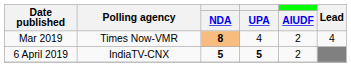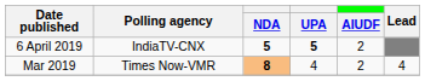 <table class="wikitable sortable" style="text-align:center;font-size:95%;line-height:16px">
 <tr>
 <th rowspan="2" width="100px">Date published</th>
 <th rowspan="2" width="175px">Polling agency</th>
 <th style="background:"></th>
 <th style="background:"></th>
 <th style="background:#00FF00"></th>
 <th rowspan="2">Lead</th>
 </tr>
 <tr>
 <th width="50px" class="unsortable"><a href='#'>NDA</a></th>
 <th width="50px" class="unsortable"><a href='#'>UPA</a></th>
 <th width="50px" class="unsortable"><a href='#'>AIUDF</a></th>
 </tr>
 <tr>
+<td>6 April 2019</td>
+<td>IndiaTV-CNX </td>
+<td><strong>5</strong></td>
+<td><strong>5</strong></td>
+<td>2</td>
+<td style="background:grey"><span></span></td>
+</tr>
+<tr>
 <td>Mar 2019</td>
 <td>Times Now-VMR</td>
 <td style="background:#F9BC7F"><strong>8</strong></td>
 <td>4</td>
 <td>2</td>
 <td style="background:"><span>4</span></td>
 </tr>
 <tr>
-<td>6 April 2019</td>
-<td>IndiaTV-CNX </td>
-<td><strong>5</strong></td>
-<td><strong>5</strong></td>
-<td>2</td>
-<td style="background:grey"><span></span></td>
-</tr>
-<tr>
 </tr>
 </table>
